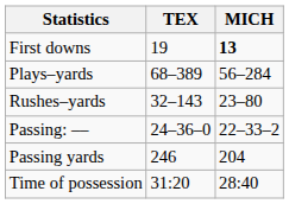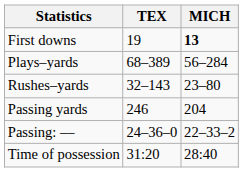 <table class="wikitable" style="float:left">
 <tr>
 <th>Statistics</th>
 <th>TEX</th>
 <th>MICH</th>
 </tr>
 <tr>
 <td>First downs</td>
 <td>19</td>
 <td><strong>13</strong></td>
 </tr>
 <tr>
 <td>Plays–yards</td>
 <td>68–389</td>
 <td>56–284</td>
 </tr>
 <tr>
 <td>Rushes–yards</td>
 <td>32–143</td>
 <td>23–80</td>
 </tr>
 <tr>
+<td>Passing yards</td>
+<td>246</td>
+<td>204</td>
+</tr>
+<tr>
 <td>Passing: ––</td>
 <td>24–36–0</td>
 <td>22–33–2</td>
-</tr>
-<tr>
-<td>Passing yards</td>
-<td>246</td>
-<td>204</td>
 </tr>
 <tr>
 <td>Time of possession</td>
 <td>31:20</td>
 <td>28:40</td>
 </tr>
 </table>
